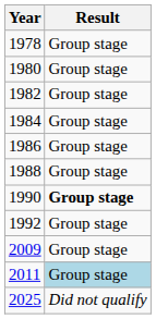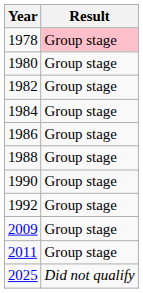 <table class="wikitable">
 <tr>
 <th>Year</th>
 <th>Result</th>
 </tr>
 <tr>
 <td> 1978</td>
-<td>Group stage</td>
+<td style="background: pink;">Group stage</td>
 </tr>
 <tr>
 <td> 1980</td>
 <td>Group stage</td>
 </tr>
 <tr>
 <td> 1982</td>
 <td>Group stage</td>
 </tr>
 <tr>
 <td> 1984</td>
 <td>Group stage</td>
 </tr>
 <tr>
 <td> 1986</td>
 <td>Group stage</td>
 </tr>
 <tr>
 <td> 1988</td>
 <td>Group stage</td>
 </tr>
 <tr>
 <td> 1990</td>
-<td><strong>Group stage</strong></td>
+<td>Group stage</td>
 </tr>
 <tr>
 <td> 1992</td>
 <td>Group stage</td>
 </tr>
 <tr>
 <td> <a href='#'>2009</a></td>
 <td>Group stage</td>
 </tr>
 <tr>
 <td> <a href='#'>2011</a></td>
-<td style="background: lightblue;">Group stage</td>
+<td>Group stage</td>
 </tr>
 <tr>
 <td> <a href='#'>2025</a></td>
 <td><em>Did not qualify</em></td>
 </tr>
 </table>
